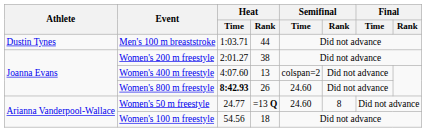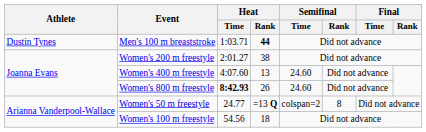 <table class=wikitable style="font-size:90%">
 <tr>
 <th rowspan="2">Athlete</th>
 <th rowspan="2">Event</th>
 <th colspan="2">Heat</th>
 <th colspan="2">Semifinal</th>
 <th colspan="2">Final</th>
 </tr>
 <tr style="font-size:95%">
 <th>Time</th>
 <th>Rank</th>
 <th>Time</th>
 <th>Rank</th>
 <th>Time</th>
 <th>Rank</th>
 </tr>
 <tr align="center">
 <td align=left><a href='#'>Dustin Tynes</a></td>
 <td align=left><a href='#'>Men's 100 m breaststroke</a></td>
 <td>1:03.71</td>
-<td>44</td>
+<td><strong>44</strong></td>
 <td colspan=4>Did not advance</td>
 </tr>
 <tr align=center>
 <td align=left rowspan=3><a href='#'>Joanna Evans</a></td>
 <td align=left><a href='#'>Women's 200 m freestyle</a></td>
 <td>2:01.27</td>
 <td>38</td>
 <td colspan=4>Did not advance</td>
 </tr>
 <tr align=center>
 <td align=left><a href='#'>Women's 400 m freestyle</a></td>
 <td>4:07.60</td>
 <td>13</td>
-<td>colspan=2 </td>
+<td>24.60</td>
 <td colspan=2>Did not advance</td>
 </tr>
 <tr align=center>
 <td align=left><a href='#'>Women's 800 m freestyle</a></td>
 <td><strong>8:42.93</strong></td>
 <td>26</td>
 <td>24.60</td>
 <td colspan=2>Did not advance</td>
 </tr>
 <tr align=center>
 <td align=left rowspan=2><a href='#'>Arianna Vanderpool-Wallace</a></td>
 <td align=left><a href='#'>Women's 50 m freestyle</a></td>
 <td>24.77</td>
 <td>=13 <strong>Q</strong></td>
-<td>24.60</td>
+<td>colspan=2 </td>
 <td>8</td>
 <td colspan=2>Did not advance</td>
 </tr>
 <tr align=center>
 <td align=left><a href='#'>Women's 100 m freestyle</a></td>
 <td>54.56</td>
 <td>18</td>
 <td colspan=4>Did not advance</td>
 </tr>
 </table>
